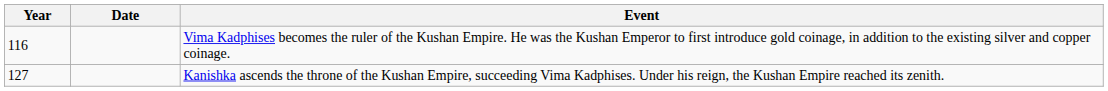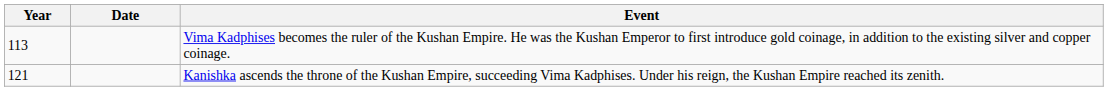 <table class="wikitable" style="width:100%">
 <tr>
 <th style="width:6%">Year</th>
 <th style="width:10%">Date</th>
 <th>Event</th>
 </tr>
 <tr>
-<td>116</td>
+<td>113</td>
 <td></td>
 <td><a href='#'>Vima Kadphises</a> becomes the ruler of the Kushan Empire. He was the Kushan Emperor to first introduce gold coinage, in addition to the existing silver and copper coinage.</td>
 </tr>
 <tr>
-<td>127</td>
+<td>121</td>
 <td></td>
 <td><a href='#'>Kanishka</a> ascends the throne of the Kushan Empire, succeeding Vima Kadphises. Under his reign, the Kushan Empire reached its zenith.</td>
 </tr>
 </table>
